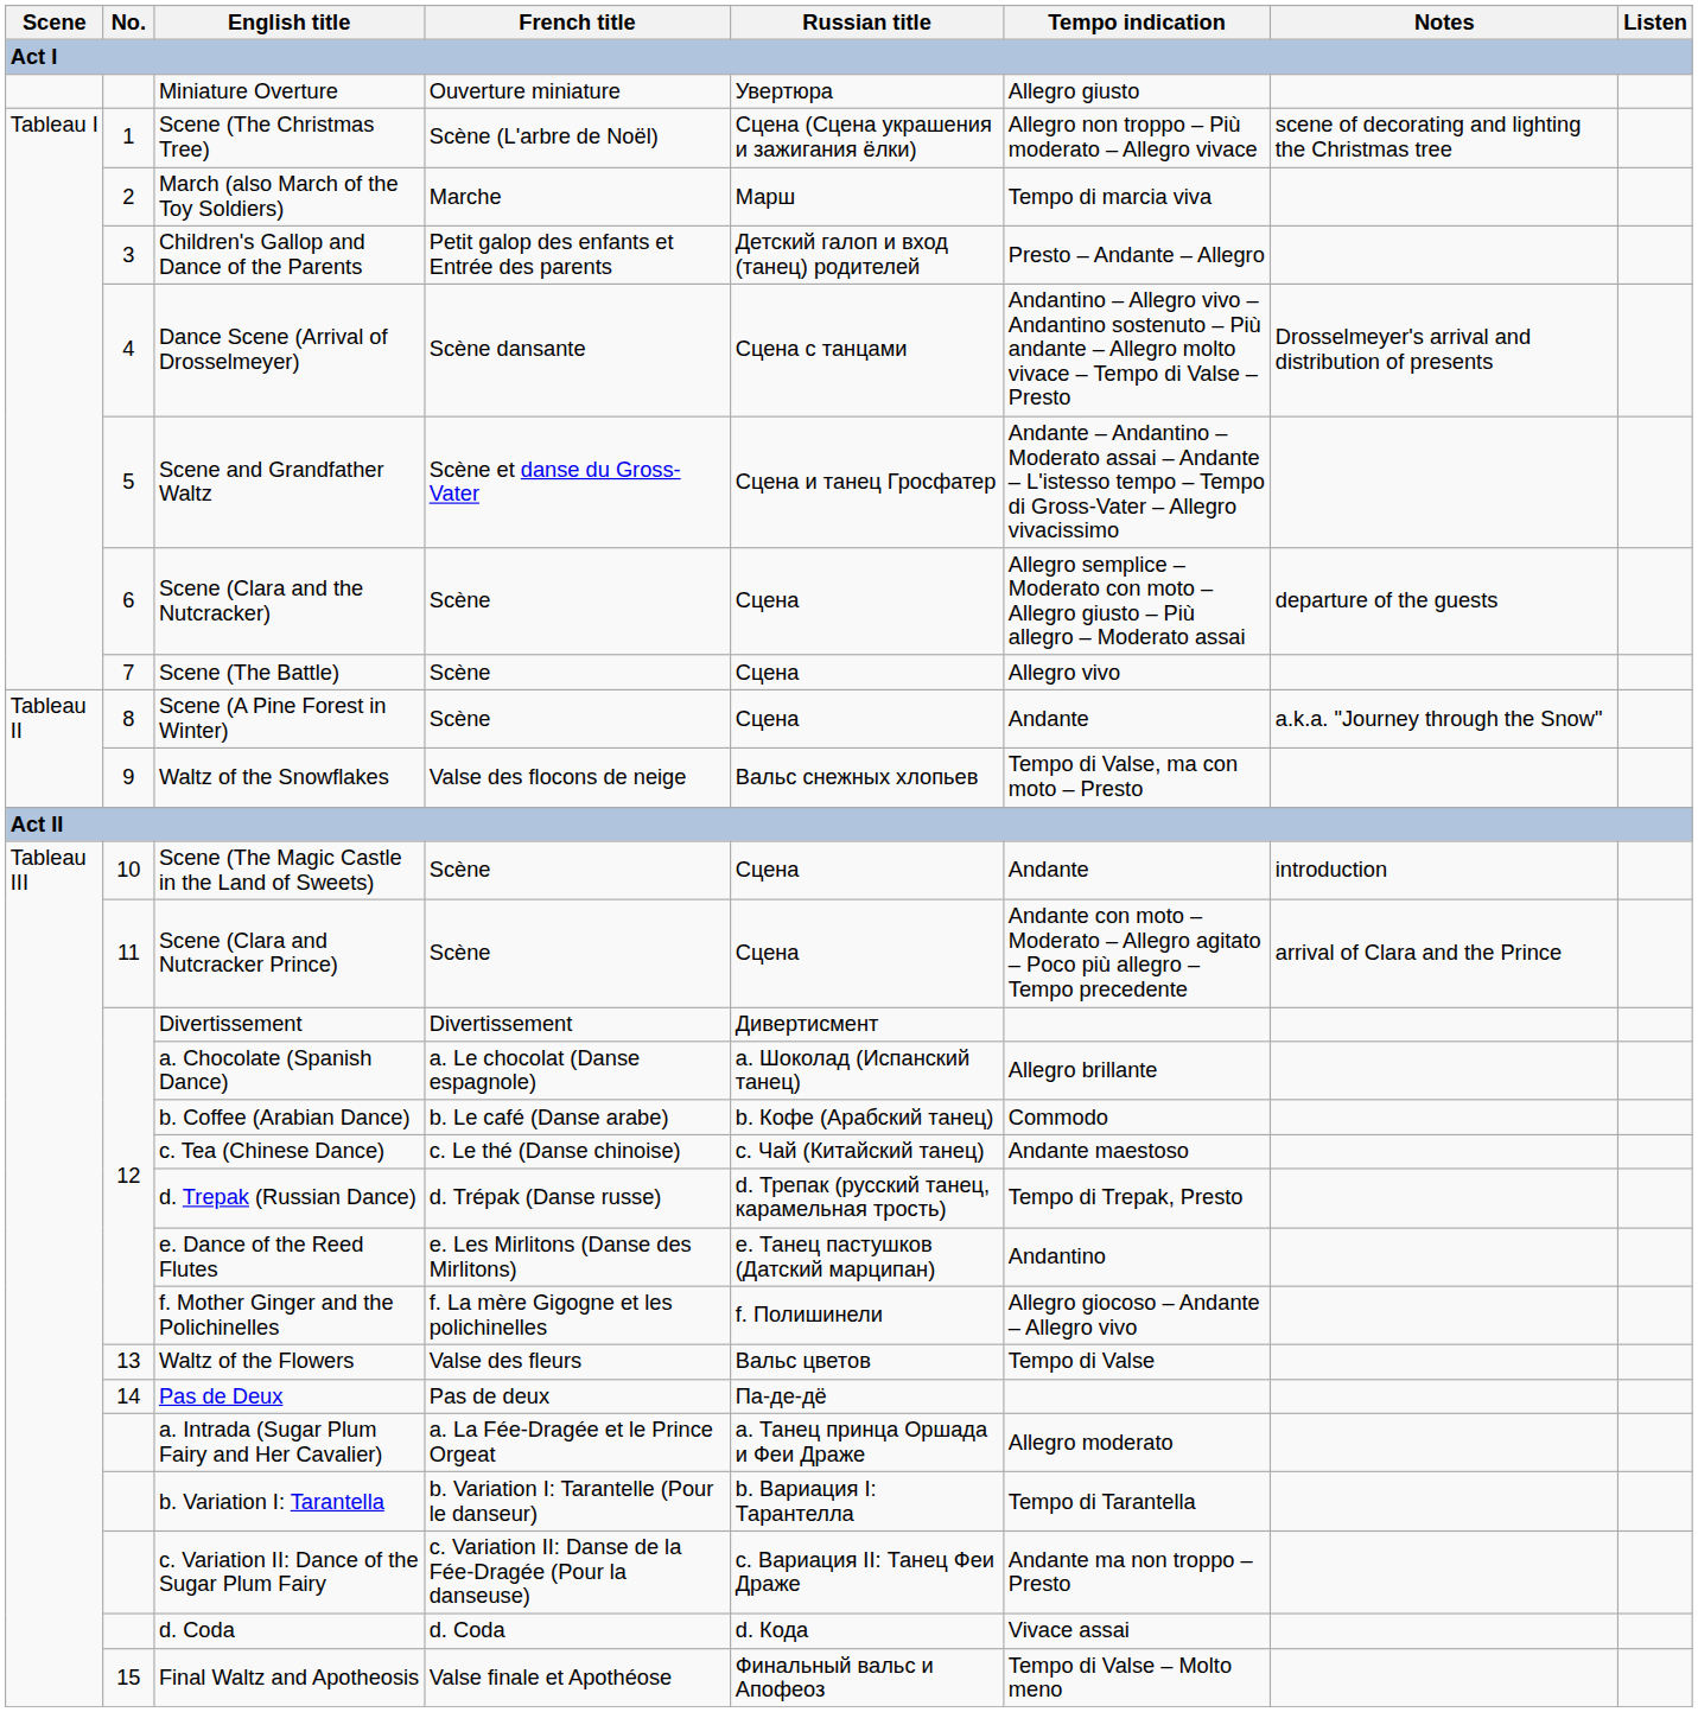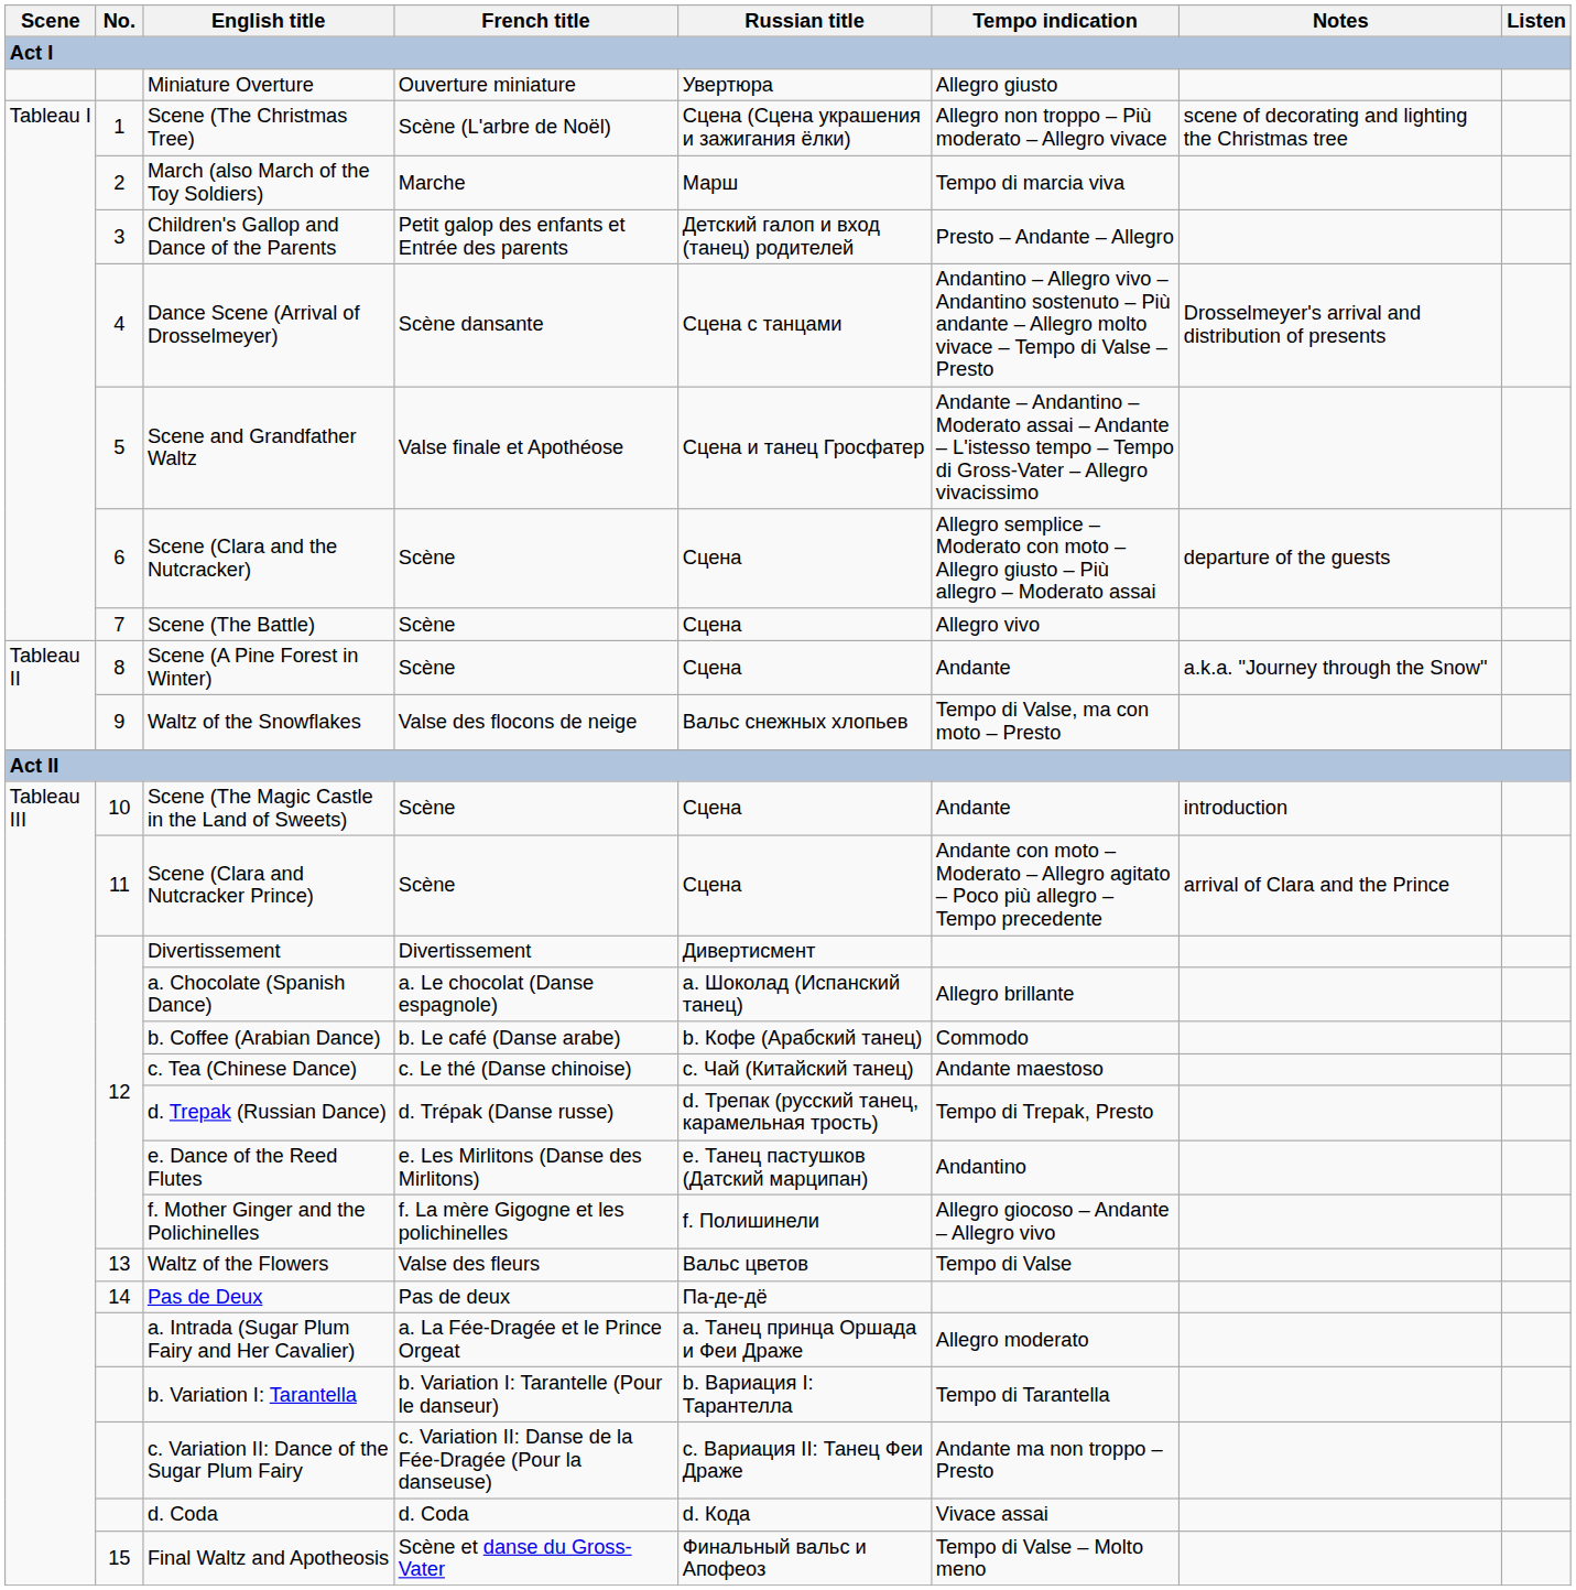 <table class="wikitable" style="margins:auto; width=95%;">
 <tr>
 <th width="65">Scene</th>
 <th width="30">No.</th>
 <th>English title</th>
 <th>French title</th>
 <th>Russian title</th>
 <th style="width:190px;">Tempo indication</th>
 <th style="width:250px;">Notes</th>
 <th>Listen</th>
 </tr>
 <tr>
 <td colspan="8" style="vertical-align:top; background:#b0c4de;"><strong>Act I</strong></td>
 </tr>
 <tr>
 <td></td>
 <td align=center></td>
 <td>Miniature Overture</td>
 <td>Ouverture miniature</td>
 <td>Увертюра</td>
 <td>Allegro giusto</td>
 <td></td>
 <td></td>
 </tr>
 <tr>
 <td rowspan="7" style="vertical-align:top;">Tableau I</td>
 <td align=center>1</td>
 <td>Scene (The Christmas Tree)</td>
 <td>Scène (L'arbre de Noël)</td>
 <td>Сцена (Сцена украшения и зажигания ёлки)</td>
 <td>Allegro non troppo – Più moderato – Allegro vivace</td>
 <td>scene of decorating and lighting the Christmas tree</td>
 <td></td>
 </tr>
 <tr>
 <td align=center>2</td>
 <td>March (also March of the Toy Soldiers)</td>
 <td>Marche</td>
 <td>Марш</td>
 <td>Tempo di marcia viva</td>
 <td></td>
 <td></td>
 </tr>
 <tr>
 <td align=center>3</td>
 <td>Children's Gallop and Dance of the Parents</td>
 <td>Petit galop des enfants et Entrée des parents</td>
 <td>Детский галоп и вход (танец) родителей</td>
 <td>Presto – Andante – Allegro</td>
 <td></td>
 <td></td>
 </tr>
 <tr>
 <td align=center>4</td>
 <td>Dance Scene (Arrival of Drosselmeyer)</td>
 <td>Scène dansante</td>
 <td>Сцена с танцами</td>
 <td>Andantino – Allegro vivo – Andantino sostenuto – Più andante – Allegro molto vivace – Tempo di Valse – Presto</td>
 <td>Drosselmeyer's arrival and distribution of presents</td>
 <td></td>
 </tr>
 <tr>
 <td align=center>5</td>
 <td>Scene and Grandfather Waltz</td>
-<td>Scène et <a href='#'>danse du Gross-Vater</a></td>
+<td>Valse finale et Apothéose</td>
 <td>Сцена и танец Гросфатер</td>
 <td>Andante – Andantino – Moderato assai – Andante – L'istesso tempo – Tempo di Gross-Vater – Allegro vivacissimo</td>
 <td></td>
 <td></td>
 </tr>
 <tr>
 <td align=center>6</td>
 <td>Scene (Clara and the Nutcracker)</td>
 <td>Scène</td>
 <td>Сцена</td>
 <td>Allegro semplice – Moderato con moto – Allegro giusto – Più allegro – Moderato assai</td>
 <td>departure of the guests</td>
 <td></td>
 </tr>
 <tr>
 <td align=center>7</td>
 <td>Scene (The Battle)</td>
 <td>Scène</td>
 <td>Сцена</td>
 <td>Allegro vivo</td>
 <td></td>
 <td></td>
 </tr>
 <tr>
 <td rowspan="2" style="vertical-align:top;">Tableau II</td>
 <td align=center>8</td>
 <td>Scene (A Pine Forest in Winter)</td>
 <td>Scène</td>
 <td>Сцена</td>
 <td>Andante</td>
 <td>a.k.a. "Journey through the Snow"</td>
 <td></td>
 </tr>
 <tr>
 <td align=center>9</td>
 <td>Waltz of the Snowflakes</td>
 <td>Valse des flocons de neige</td>
 <td>Вальс снежных хлопьев</td>
 <td>Tempo di Valse, ma con moto – Presto</td>
 <td></td>
 <td></td>
 </tr>
 <tr>
 <td colspan="8" style="vertical-align:top; background:#b0c4de;"><strong>Act II</strong></td>
 </tr>
 <tr>
 <td rowspan="16" style="vertical-align:top;">Tableau III</td>
 <td align=center>10</td>
 <td>Scene (The Magic Castle in the Land of Sweets)</td>
 <td>Scène</td>
 <td>Сцена</td>
 <td>Andante</td>
 <td>introduction</td>
 <td></td>
 </tr>
 <tr>
 <td align=center>11</td>
 <td>Scene (Clara and Nutcracker Prince)</td>
 <td>Scène</td>
 <td>Сцена</td>
 <td>Andante con moto – Moderato – Allegro agitato – Poco più allegro – Tempo precedente</td>
 <td>arrival of Clara and the Prince</td>
 <td></td>
 </tr>
 <tr>
 <td rowspan="7" align="center">12</td>
 <td>Divertissement</td>
 <td>Divertissement</td>
 <td>Дивертисмент</td>
 <td></td>
 <td></td>
 <td></td>
 </tr>
 <tr>
 <td>a. Chocolate (Spanish Dance)</td>
 <td>a. Le chocolat (Danse espagnole)</td>
 <td>a. Шоколад (Испанский танец)</td>
 <td>Allegro brillante</td>
 <td></td>
 <td></td>
 </tr>
 <tr>
 <td>b. Coffee (Arabian Dance)</td>
 <td>b. Le café (Danse arabe)</td>
 <td>b. Кофе (Арабский танец)</td>
 <td>Commodo</td>
 <td></td>
 <td></td>
 </tr>
 <tr>
 <td>c. Tea (Chinese Dance)</td>
 <td>c. Le thé (Danse chinoise)</td>
 <td>c. Чай (Китайский танец)</td>
 <td>Andante maestoso</td>
 <td></td>
 <td></td>
 </tr>
 <tr>
 <td>d. <a href='#'>Trepak</a> (Russian Dance)</td>
 <td>d. Trépak (Danse russe)</td>
 <td>d. Трепак (русский танец, карамельная трость)</td>
 <td>Tempo di Trepak, Presto</td>
 <td></td>
 <td></td>
 </tr>
 <tr>
 <td>e. Dance of the Reed Flutes</td>
 <td>e. Les Mirlitons (Danse des Mirlitons)</td>
 <td>e. Танец пастушков (Датский марципан)</td>
 <td>Andantino</td>
 <td></td>
 <td></td>
 </tr>
 <tr>
 <td>f. Mother Ginger and the Polichinelles</td>
 <td>f. La mère Gigogne et les polichinelles</td>
 <td>f. Полишинели</td>
 <td>Allegro giocoso – Andante – Allegro vivo</td>
 <td></td>
 <td></td>
 </tr>
 <tr>
 <td align=center>13</td>
 <td>Waltz of the Flowers</td>
 <td>Valse des fleurs</td>
 <td>Вальс цветов</td>
 <td>Tempo di Valse</td>
 <td></td>
 <td></td>
 </tr>
 <tr>
 <td align=center>14</td>
 <td><a href='#'>Pas de Deux</a></td>
 <td>Pas de deux</td>
 <td>Па-де-дё</td>
 <td></td>
 <td></td>
 <td></td>
 </tr>
 <tr>
 <td></td>
 <td>a. Intrada (Sugar Plum Fairy and Her Cavalier)</td>
 <td>a. La Fée-Dragée et le Prince Orgeat</td>
 <td>a. Танец принца Оршада и Феи Драже</td>
 <td>Allegro moderato</td>
 <td></td>
 <td></td>
 </tr>
 <tr>
 <td></td>
 <td>b. Variation I: <a href='#'>Tarantella</a></td>
 <td>b. Variation I: Tarantelle (Pour le danseur)</td>
 <td>b. Вариация I: Тарантелла</td>
 <td>Tempo di Tarantella</td>
 <td></td>
 <td></td>
 </tr>
 <tr>
 <td></td>
 <td>c. Variation II: Dance of the Sugar Plum Fairy</td>
 <td>c. Variation II: Danse de la Fée-Dragée (Pour la danseuse)</td>
 <td>c. Вариация II: Танец Феи Драже</td>
 <td>Andante ma non troppo – Presto</td>
 <td></td>
 <td></td>
 </tr>
 <tr>
 <td></td>
 <td>d. Coda</td>
 <td>d. Coda</td>
 <td>d. Кода</td>
 <td>Vivace assai</td>
 <td></td>
 <td></td>
 </tr>
 <tr>
 <td align=center>15</td>
 <td>Final Waltz and Apotheosis</td>
-<td>Valse finale et Apothéose</td>
+<td>Scène et <a href='#'>danse du Gross-Vater</a></td>
 <td>Финальный вальс и Апофеоз</td>
 <td>Tempo di Valse – Molto meno</td>
 <td></td>
 <td></td>
 </tr>
 </table>
